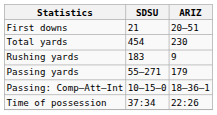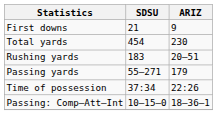 <table class="wikitable" style="float: left;">
 <tr>
 <th>Statistics</th>
 <th>SDSU</th>
 <th>ARIZ</th>
 </tr>
 <tr>
 <td>First downs</td>
 <td>21</td>
-<td>20–51</td>
+<td>9</td>
 </tr>
 <tr>
 <td>Total yards</td>
 <td>454</td>
 <td>230</td>
 </tr>
 <tr>
 <td>Rushing yards</td>
 <td>183</td>
-<td>9</td>
+<td>20–51</td>
 </tr>
 <tr>
 <td>Passing yards</td>
 <td>55–271</td>
 <td>179</td>
 </tr>
 <tr>
+<td>Time of possession</td>
+<td>37:34</td>
+<td>22:26</td>
+</tr>
+<tr>
 <td>Passing: Comp–Att–Int</td>
 <td>10–15–0</td>
 <td>18–36–1</td>
 </tr>
 <tr>
-<td>Time of possession</td>
-<td>37:34</td>
-<td>22:26</td>
-</tr>
-<tr>
 </tr>
 </table>
